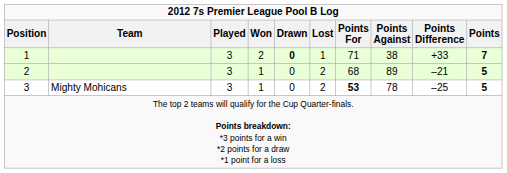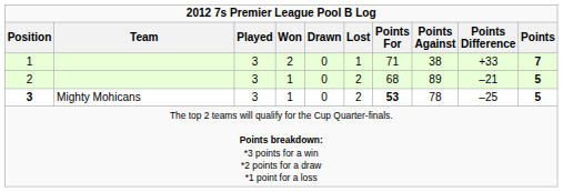 <table class="wikitable" style="text-align: center;">
 <tr>
 <td colspan="10" cellpadding="0" cellspacing="0"><strong>2012 7s Premier League Pool B Log</strong></td>
 </tr>
 <tr>
 <th bgcolor="#efefef" width="20">Position</th>
 <th bgcolor="#efefef" width="250">Team</th>
 <th bgcolor="#efefef" width="20">Played</th>
 <th bgcolor="#efefef" width="20">Won</th>
 <th bgcolor="#efefef" width="20">Drawn</th>
 <th bgcolor="#efefef" width="20">Lost</th>
 <th bgcolor="#efefef" width="20">Points For</th>
 <th bgcolor="#efefef" width="20">Points Against</th>
 <th bgcolor="#efefef" width="20">Points Difference</th>
 <th bgcolor="#efefef" width="20">Points<br></th>
 </tr>
 <tr bgcolor=#E8FFD8>
 <td>1</td>
 <td align=left></td>
 <td>3</td>
 <td>2</td>
-<td><strong>0</strong></td>
+<td>0</td>
 <td>1</td>
 <td>71</td>
 <td>38</td>
 <td>+33</td>
 <td><strong>7</strong></td>
 </tr>
 <tr bgcolor=#E8FFD8>
 <td>2</td>
 <td align=left></td>
 <td>3</td>
 <td>1</td>
 <td>0</td>
 <td>2</td>
 <td>68</td>
 <td>89</td>
 <td>–21</td>
 <td><strong>5</strong></td>
 </tr>
 <tr bgcolor=#FFFFFF>
-<td>3</td>
+<td><strong>3</strong></td>
 <td align=left>Mighty Mohicans</td>
 <td>3</td>
 <td>1</td>
 <td>0</td>
 <td>2</td>
 <td><strong>53</strong></td>
 <td>78</td>
 <td>–25</td>
 <td><strong>5</strong></td>
 </tr>
 <tr |align=left|>
 <td colspan="10" style="border:0px"><small>The top 2 teams will qualify for the Cup Quarter-finals.<br><br><strong>Points breakdown:</strong><br>*3 points for a win<br>*2 points for a draw<br>*1 point for a loss</small></td>
 </tr>
 </table>
